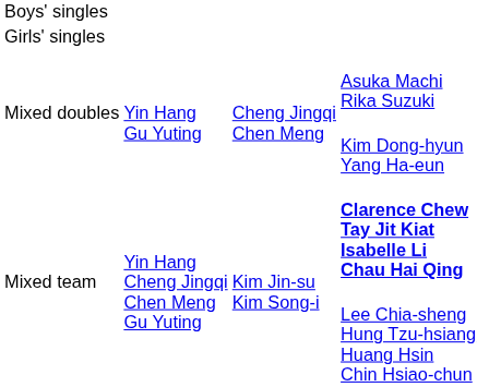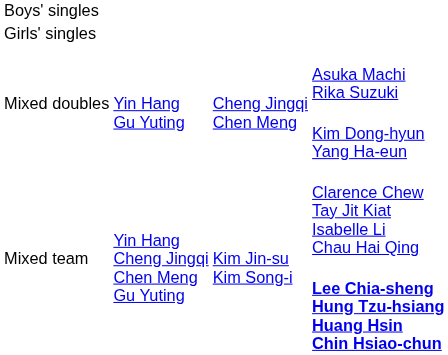 <table>
 <tr>
 <td rowspan=2>Boys' singles</td>
 <td rowspan=2></td>
 <td rowspan=2></td>
 <td></td>
 </tr>
 <tr>
 <td></td>
 </tr>
 <tr>
 <td rowspan=2>Girls' singles</td>
 <td rowspan=2></td>
 <td rowspan=2></td>
 <td></td>
 </tr>
 <tr>
 <td></td>
 </tr>
 <tr>
 <td rowspan=2>Mixed doubles</td>
 <td rowspan=2><br><a href='#'>Yin Hang</a><br><a href='#'>Gu Yuting</a></td>
 <td rowspan=2><br><a href='#'>Cheng Jingqi</a><br><a href='#'>Chen Meng</a></td>
 <td><br><a href='#'>Asuka Machi</a><br><a href='#'>Rika Suzuki</a></td>
 </tr>
 <tr>
 <td><br><a href='#'>Kim Dong-hyun</a><br><a href='#'>Yang Ha-eun</a></td>
 </tr>
 <tr>
 <td rowspan=2>Mixed team</td>
 <td rowspan=2><br><a href='#'>Yin Hang</a><br><a href='#'>Cheng Jingqi</a><br><a href='#'>Chen Meng</a><br><a href='#'>Gu Yuting</a></td>
 <td rowspan=2><br><a href='#'>Kim Jin-su</a><br><a href='#'>Kim Song-i</a></td>
-<td><strong><br><a href='#'>Clarence Chew</a><br><a href='#'>Tay Jit Kiat</a><br><a href='#'>Isabelle Li</a><br><a href='#'>Chau Hai Qing</a></strong></td>
+<td><br><a href='#'>Clarence Chew</a><br><a href='#'>Tay Jit Kiat</a><br><a href='#'>Isabelle Li</a><br><a href='#'>Chau Hai Qing</a></td>
 </tr>
 <tr>
-<td><br><a href='#'>Lee Chia-sheng</a><br><a href='#'>Hung Tzu-hsiang</a><br><a href='#'>Huang Hsin</a><br><a href='#'>Chin Hsiao-chun</a></td>
+<td><strong><br><a href='#'>Lee Chia-sheng</a><br><a href='#'>Hung Tzu-hsiang</a><br><a href='#'>Huang Hsin</a><br><a href='#'>Chin Hsiao-chun</a></strong></td>
 </tr>
 </table>
